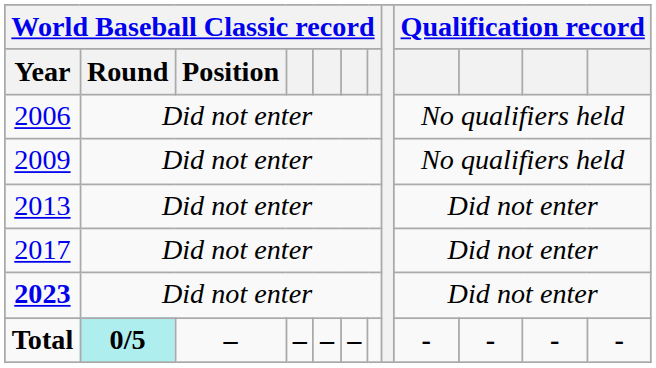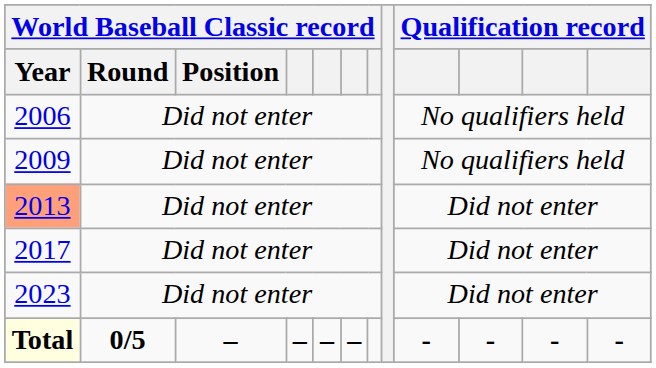 <table class="wikitable" style="text-align: center;">
 <tr>
 <th colspan=7><a href='#'>World Baseball Classic record</a></th>
 <th rowspan="8"></th>
 <th colspan=4><a href='#'>Qualification record</a></th>
 </tr>
 <tr>
 <th>Year</th>
 <th>Round</th>
 <th>Position</th>
 <th></th>
 <th></th>
 <th></th>
 <th></th>
 <th></th>
 <th></th>
 <th></th>
 <th></th>
 </tr>
 <tr>
 <td><a href='#'>2006</a></td>
 <td colspan=7 align=center><em>Did not enter</em></td>
 <td colspan=4 align=center><em>No qualifiers held</em></td>
 </tr>
 <tr>
 <td><a href='#'>2009</a></td>
 <td colspan=7 align=center><em>Did not enter</em></td>
 <td colspan=4 align=center><em>No qualifiers held</em></td>
 </tr>
 <tr>
-<td><a href='#'>2013</a></td>
+<td style="background: lightsalmon;"><a href='#'>2013</a></td>
 <td colspan=7 align=center><em>Did not enter</em></td>
 <td colspan=4 align=center><em>Did not enter</em></td>
 </tr>
 <tr>
 <td><a href='#'>2017</a></td>
 <td colspan=7 align=center><em>Did not enter</em></td>
 <td colspan=7 align=center><em>Did not enter</em></td>
 </tr>
 <tr>
-<td><strong><a href='#'>2023</a></strong></td>
+<td><a href='#'>2023</a></td>
 <td colspan=7 align=center><em>Did not enter</em></td>
 <td colspan=7 align=center><em>Did not enter</em></td>
 </tr>
 <tr>
-<td><strong>Total</strong></td>
-<td style="background: paleturquoise;"><strong>0/5</strong></td>
+<td style="background: lightyellow;"><strong>Total</strong></td>
+<td><strong>0/5</strong></td>
 <td><strong>–</strong></td>
 <td><strong>–</strong></td>
 <td><strong>–</strong></td>
 <td><strong>–</strong></td>
 <td></td>
 <td><strong>-</strong></td>
 <td><strong>-</strong></td>
 <td><strong>-</strong></td>
 <td><strong>-</strong></td>
 </tr>
 </table>
